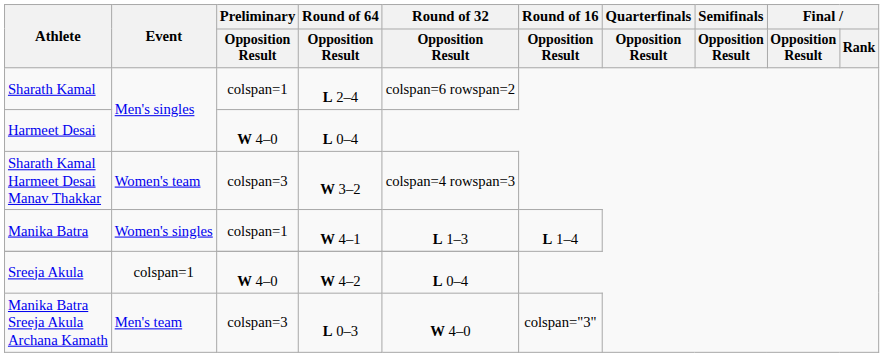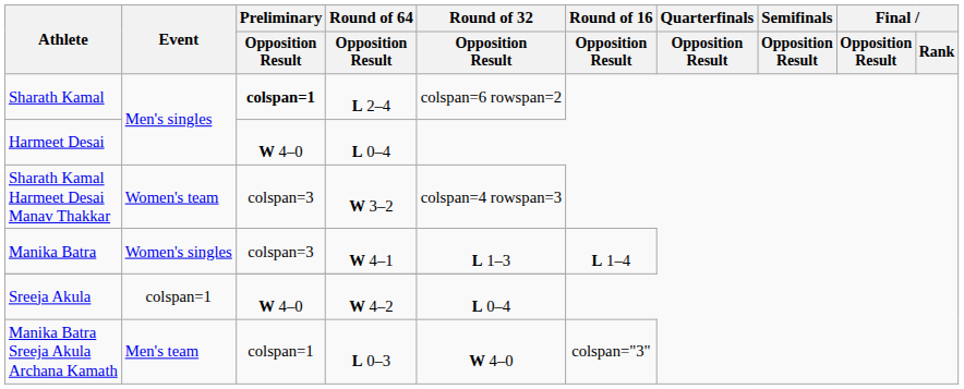 <table class=wikitable style=font-size:90%;text-align:center>
 <tr>
 <th rowspan=2>Athlete</th>
 <th rowspan=2>Event</th>
 <th>Preliminary</th>
 <th>Round of 64</th>
 <th>Round of 32</th>
 <th>Round of 16</th>
 <th>Quarterfinals</th>
 <th>Semifinals</th>
 <th colspan=2>Final / </th>
 </tr>
 <tr style=font-size:95%>
 <th>Opposition<br>Result</th>
 <th>Opposition<br>Result</th>
 <th>Opposition<br>Result</th>
 <th>Opposition<br>Result</th>
 <th>Opposition<br>Result</th>
 <th>Opposition<br>Result</th>
 <th>Opposition<br>Result</th>
 <th>Rank</th>
 </tr>
 <tr>
 <td align=left><a href='#'>Sharath Kamal</a></td>
 <td align=left rowspan=2><a href='#'>Men's singles</a></td>
-<td>colspan=1 </td>
+<td><strong>colspan=1 </strong></td>
 <td> <br> <strong>L</strong> 2–4</td>
 <td>colspan=6 rowspan=2 </td>
 </tr>
 <tr align=center>
 <td align=left><a href='#'>Harmeet Desai</a></td>
 <td> <br> <strong>W</strong> 4–0</td>
 <td> <br> <strong>L</strong> 0–4</td>
 </tr>
 <tr>
 <td align=left><a href='#'>Sharath Kamal</a> <br> <a href='#'>Harmeet Desai</a> <br> <a href='#'>Manav Thakkar</a></td>
 <td align=left><a href='#'>Women's team</a></td>
 <td>colspan=3 </td>
 <td> <br> <strong>W</strong> 3–2</td>
 <td>colspan=4 rowspan=3 </td>
 </tr>
 <tr>
 <td align=left><a href='#'>Manika Batra</a></td>
 <td align=left rowspan=2><a href='#'>Women's singles</a></td>
-<td>colspan=1 </td>
+<td>colspan=3 </td>
 <td> <br> <strong>W</strong> 4–1</td>
 <td> <br> <strong>L</strong> 1–3</td>
 <td><br> <strong>L</strong> 1–4</td>
 </tr>
 <tr>
 </tr>
 <tr align=center>
 <td align=left><a href='#'>Sreeja Akula</a></td>
 <td>colspan=1 </td>
 <td><br> <strong>W</strong> 4–0</td>
 <td><br> <strong>W</strong> 4–2</td>
 <td><br> <strong>L</strong> 0–4</td>
 </tr>
 <tr>
 <td align=left><a href='#'>Manika Batra</a> <br> <a href='#'>Sreeja Akula</a> <br> <a href='#'>Archana Kamath</a></td>
 <td align=left><a href='#'>Men's team</a></td>
-<td>colspan=3 </td>
+<td>colspan=1 </td>
 <td> <br> <strong>L</strong> 0–3</td>
 <td><br> <strong>W</strong> 4–0</td>
 <td>colspan="3" </td>
 </tr>
 </table>
